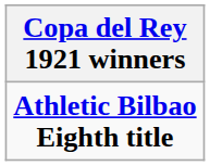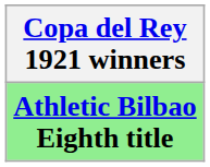 <table class="wikitable" style="text-align: center; margin: 0 auto;">
 <tr>
 <th><a href='#'>Copa del Rey</a><br>1921 winners</th>
 </tr>
 <tr>
-<td><strong><a href='#'>Athletic Bilbao</a></strong><br><strong>Eighth title</strong></td>
+<td style="background: lightgreen;"><strong><a href='#'>Athletic Bilbao</a></strong><br><strong>Eighth title</strong></td>
 </tr>
 </table>
